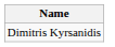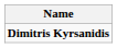 <table class="wikitable">
 <tr>
 <th>Name</th>
 </tr>
 <tr>
-<td> Dimitris Kyrsanidis</td>
+<td><strong> Dimitris Kyrsanidis</strong></td>
 </tr>
 </table>
